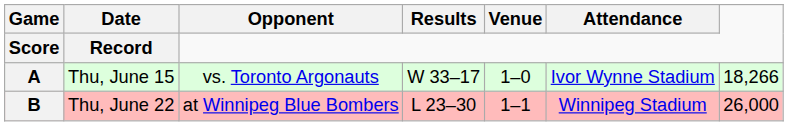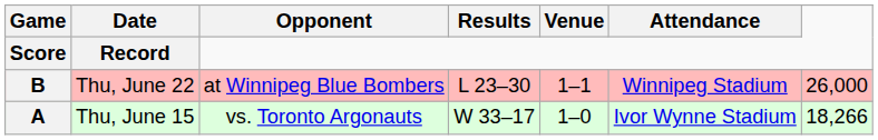 <table class="wikitable" style="text-align:center">
 <tr>
 <th>Game</th>
 <th>Date</th>
 <th>Opponent</th>
 <th>Results</th>
 <th>Venue</th>
 <th>Attendance</th>
 </tr>
 <tr>
 <th>Score</th>
 <th>Record</th>
 </tr>
+<tr style="background:#ffbbbb">
+<th>B</th>
+<td>Thu, June 22</td>
+<td>at <a href='#'>Winnipeg Blue Bombers</a></td>
+<td>L 23–30</td>
+<td>1–1</td>
+<td><a href='#'>Winnipeg Stadium</a></td>
+<td>26,000</td>
+</tr>
 <tr style="background:#ddffdd">
 <th>A</th>
 <td>Thu, June 15</td>
 <td>vs. <a href='#'>Toronto Argonauts</a></td>
 <td>W 33–17</td>
 <td>1–0</td>
 <td><a href='#'>Ivor Wynne Stadium</a></td>
 <td>18,266</td>
 </tr>
-<tr style="background:#ffbbbb">
-<th>B</th>
-<td>Thu, June 22</td>
-<td>at <a href='#'>Winnipeg Blue Bombers</a></td>
-<td>L 23–30</td>
-<td>1–1</td>
-<td><a href='#'>Winnipeg Stadium</a></td>
-<td>26,000</td>
-</tr>
 </table>
